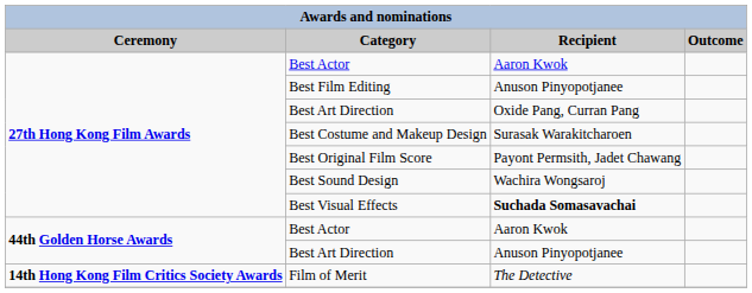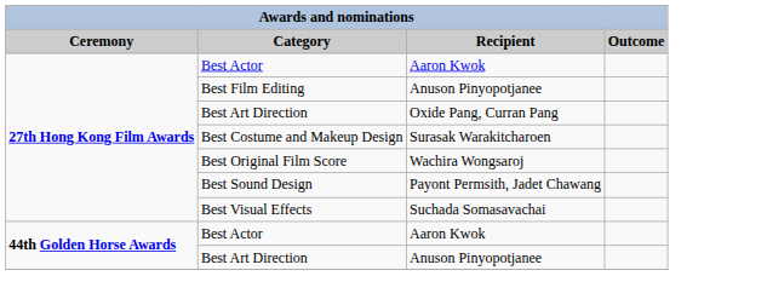 <table class="wikitable" style="font-size:95%;" ;>
 <tr style="background:#ccc; text-align:center;">
 <th colspan="4" style="background: LightSteelBlue;">Awards and nominations</th>
 </tr>
 <tr style="background:#ccc; text-align:center;">
 <th style="background:#ccc">Ceremony</th>
 <th style="background:#ccc">Category</th>
 <th style="background:#ccc">Recipient</th>
 <th style="background:#ccc">Outcome</th>
 </tr>
 <tr>
 <td rowspan=7><strong><a href='#'>27th Hong Kong Film Awards</a></strong></td>
 <td><a href='#'>Best Actor</a></td>
 <td><a href='#'>Aaron Kwok</a></td>
 <td></td>
 </tr>
 <tr>
 <td>Best Film Editing</td>
 <td>Anuson Pinyopotjanee</td>
 <td></td>
 </tr>
 <tr>
 <td>Best Art Direction</td>
 <td>Oxide Pang, Curran Pang</td>
 <td></td>
 </tr>
 <tr>
 <td>Best Costume and Makeup Design</td>
 <td>Surasak Warakitcharoen</td>
 <td></td>
 </tr>
 <tr>
 <td>Best Original Film Score</td>
+<td>Wachira Wongsaroj</td>
+<td></td>
+</tr>
+<tr>
+<td>Best Sound Design</td>
 <td>Payont Permsith, Jadet Chawang</td>
 <td></td>
 </tr>
 <tr>
-<td>Best Sound Design</td>
-<td>Wachira Wongsaroj</td>
-<td></td>
-</tr>
-<tr>
 <td>Best Visual Effects</td>
-<td><strong>Suchada Somasavachai</strong></td>
+<td>Suchada Somasavachai</td>
 <td></td>
 </tr>
 <tr>
 <td rowspan=2><strong>44th <a href='#'>Golden Horse Awards</a></strong></td>
 <td>Best Actor</td>
 <td>Aaron Kwok</td>
 <td></td>
 </tr>
 <tr>
 <td>Best Art Direction</td>
 <td>Anuson Pinyopotjanee</td>
 <td></td>
 </tr>
 <tr>
-<td><strong>14th <a href='#'>Hong Kong Film Critics Society Awards</a></strong></td>
-<td>Film of Merit</td>
-<td><em>The Detective</em></td>
-<td></td>
-</tr>
-<tr>
 </tr>
 </table>
